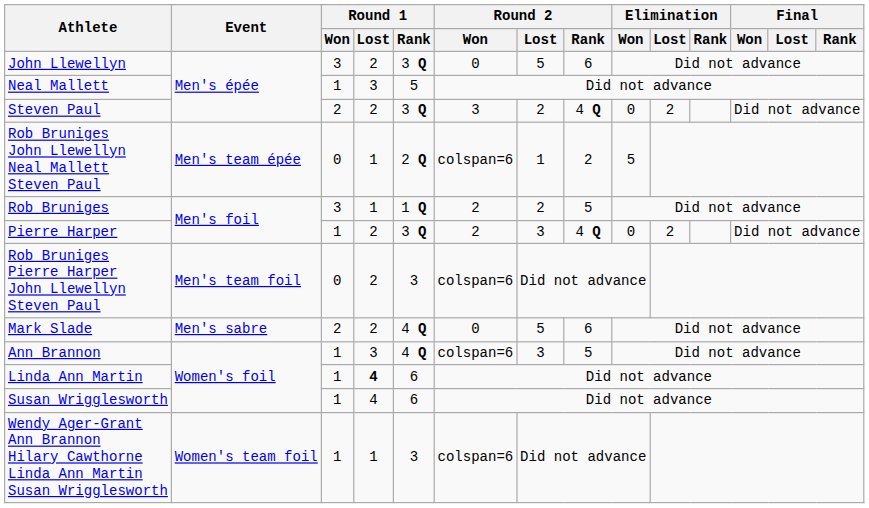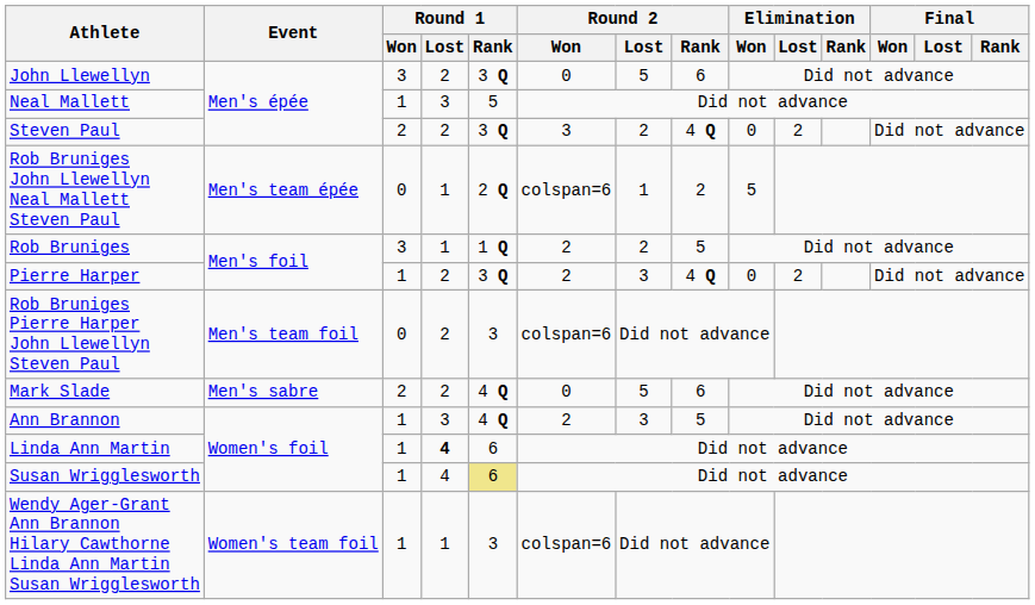 <table class="wikitable" style="font-size:90%;">
 <tr>
 <th rowspan=2>Athlete</th>
 <th rowspan=2>Event</th>
 <th colspan=3>Round 1</th>
 <th colspan=3>Round 2</th>
 <th colspan=3>Elimination</th>
 <th colspan=3>Final</th>
 </tr>
 <tr>
 <th>Won</th>
 <th>Lost</th>
 <th>Rank</th>
 <th>Won</th>
 <th>Lost</th>
 <th>Rank</th>
 <th>Won</th>
 <th>Lost</th>
 <th>Rank</th>
 <th>Won</th>
 <th>Lost</th>
 <th>Rank</th>
 </tr>
 <tr align=center>
 <td align=left><a href='#'>John Llewellyn</a></td>
 <td align=left rowspan=3><a href='#'>Men's épée</a></td>
 <td>3</td>
 <td>2</td>
 <td>3 <strong>Q</strong></td>
 <td>0</td>
 <td>5</td>
 <td>6</td>
 <td colspan=6>Did not advance</td>
 </tr>
 <tr align=center>
 <td align=left><a href='#'>Neal Mallett</a></td>
 <td>1</td>
 <td>3</td>
 <td>5</td>
 <td colspan=9>Did not advance</td>
 </tr>
 <tr align=center>
 <td align=left><a href='#'>Steven Paul</a></td>
 <td>2</td>
 <td>2</td>
 <td>3 <strong>Q</strong></td>
 <td>3</td>
 <td>2</td>
 <td>4 <strong>Q</strong></td>
 <td>0</td>
 <td>2</td>
 <td></td>
 <td colspan=3>Did not advance</td>
 </tr>
 <tr align=center>
 <td align=left><a href='#'>Rob Bruniges</a><br><a href='#'>John Llewellyn</a><br><a href='#'>Neal Mallett</a><br><a href='#'>Steven Paul</a></td>
 <td align=left><a href='#'>Men's team épée</a></td>
 <td>0</td>
 <td>1</td>
 <td>2 <strong>Q</strong></td>
 <td>colspan=6 </td>
 <td>1</td>
 <td>2</td>
 <td>5</td>
 </tr>
 <tr align=center>
 <td align=left><a href='#'>Rob Bruniges</a></td>
 <td align=left rowspan=2><a href='#'>Men's foil</a></td>
 <td>3</td>
 <td>1</td>
 <td>1 <strong>Q</strong></td>
 <td>2</td>
 <td>2</td>
 <td>5</td>
 <td colspan=6>Did not advance</td>
 </tr>
 <tr align=center>
 <td align=left><a href='#'>Pierre Harper</a></td>
 <td>1</td>
 <td>2</td>
 <td>3 <strong>Q</strong></td>
 <td>2</td>
 <td>3</td>
 <td>4 <strong>Q</strong></td>
 <td>0</td>
 <td>2</td>
 <td></td>
 <td colspan=3>Did not advance</td>
 </tr>
 <tr align=center>
 <td align=left><a href='#'>Rob Bruniges</a><br><a href='#'>Pierre Harper</a><br><a href='#'>John Llewellyn</a><br><a href='#'>Steven Paul</a></td>
 <td align=left><a href='#'>Men's team foil</a></td>
 <td>0</td>
 <td>2</td>
 <td>3</td>
 <td>colspan=6 </td>
 <td colspan=3>Did not advance</td>
 </tr>
 <tr align=center>
 <td align=left><a href='#'>Mark Slade</a></td>
 <td align=left><a href='#'>Men's sabre</a></td>
 <td>2</td>
 <td>2</td>
 <td>4 <strong>Q</strong></td>
 <td>0</td>
 <td>5</td>
 <td>6</td>
 <td colspan=6>Did not advance</td>
 </tr>
 <tr align=center>
 <td align=left><a href='#'>Ann Brannon</a></td>
 <td align=left rowspan=3><a href='#'>Women's foil</a></td>
 <td>1</td>
 <td>3</td>
 <td>4 <strong>Q</strong></td>
-<td>colspan=6 </td>
+<td>2</td>
 <td>3</td>
 <td>5</td>
 <td colspan=6>Did not advance</td>
 </tr>
 <tr align=center>
 <td align=left><a href='#'>Linda Ann Martin</a></td>
 <td>1</td>
 <td><strong>4</strong></td>
 <td>6</td>
 <td colspan=9>Did not advance</td>
 </tr>
 <tr align=center>
 <td align=left><a href='#'>Susan Wrigglesworth</a></td>
 <td>1</td>
 <td>4</td>
-<td>6</td>
+<td style="background: khaki;">6</td>
 <td colspan=9>Did not advance</td>
 </tr>
 <tr align=center>
 <td align=left><a href='#'>Wendy Ager-Grant</a><br><a href='#'>Ann Brannon</a><br><a href='#'>Hilary Cawthorne</a><br><a href='#'>Linda Ann Martin</a><br><a href='#'>Susan Wrigglesworth</a></td>
 <td align=left><a href='#'>Women's team foil</a></td>
 <td>1</td>
 <td>1</td>
 <td>3</td>
 <td>colspan=6 </td>
 <td colspan=3>Did not advance</td>
 </tr>
 </table>
